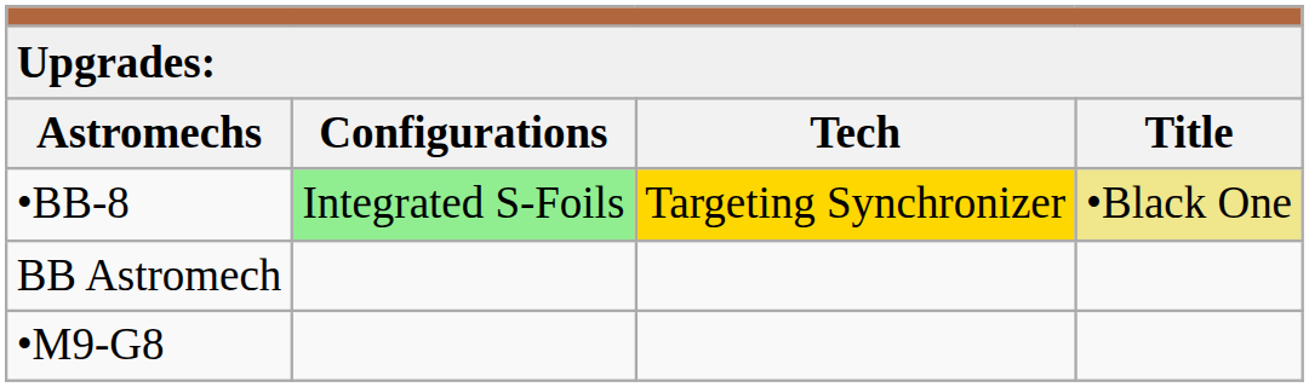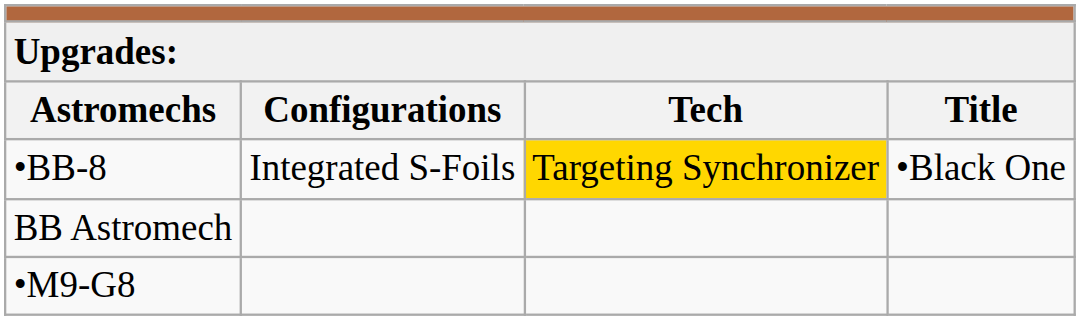 <table class="wikitable sortable">
 <tr style="background:#B1673E;">
 <td colspan="8"></td>
 </tr>
 <tr style="background:#f0f0f0;">
 <td colspan="8"><strong>Upgrades:</strong></td>
 </tr>
 <tr style="background:#f0f0f0;">
 <th>Astromechs</th>
 <th>Configurations</th>
 <th>Tech</th>
 <th>Title</th>
 </tr>
 <tr>
 <td>•BB-8</td>
-<td style="background: lightgreen;">Integrated S-Foils</td>
+<td>Integrated S-Foils</td>
 <td style="background: gold;">Targeting Synchronizer</td>
-<td style="background: khaki;">•Black One</td>
+<td>•Black One</td>
 </tr>
 <tr>
 <td>BB Astromech</td>
 <td></td>
 <td></td>
 <td></td>
 </tr>
 <tr>
 <td>•M9-G8</td>
 <td></td>
 <td></td>
 <td></td>
 </tr>
 </table>
